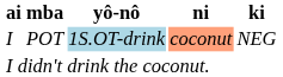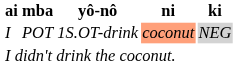 <table>
 <tr>
 <th>ai</th>
 <th>mba</th>
 <th>yô-nô</th>
 <th>ni</th>
 <th>ki</th>
 </tr>
 <tr>
 <td><em>I</em></td>
 <td><em>POT</em></td>
-<td style="background: lightblue;"><em>1S.OT-drink</em></td>
+<td><em>1S.OT-drink</em></td>
 <td style="background: lightsalmon;"><em>coconut</em></td>
-<td><em>NEG</em></td>
+<td style="background: lightgrey;"><em>NEG</em></td>
 </tr>
 <tr>
 <td colspan="5"><em>I didn't drink the coconut.</em></td>
 </tr>
 </table>
